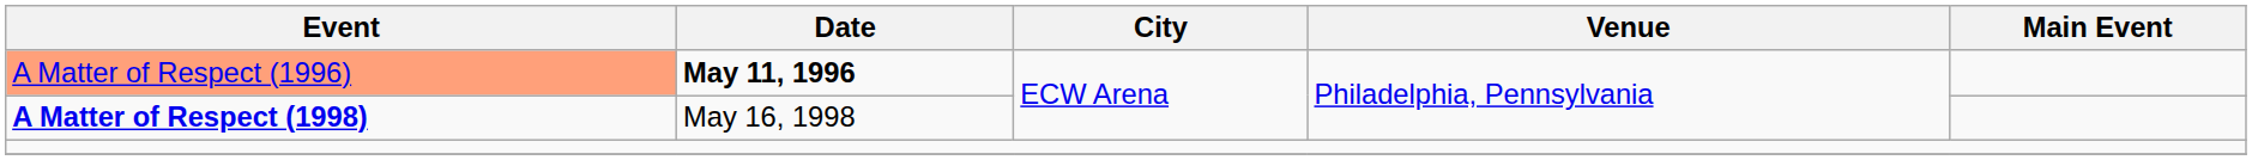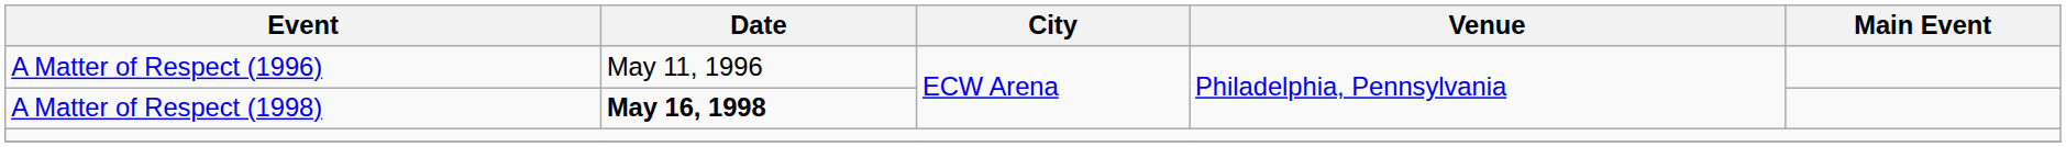 <table class="wikitable sortable" style="align: center" width=100%>
 <tr>
 <th>Event</th>
 <th>Date</th>
 <th>City</th>
 <th>Venue</th>
 <th>Main Event</th>
 </tr>
 <tr>
-<td style="background: lightsalmon;"><a href='#'>A Matter of Respect (1996)</a></td>
-<td><strong>May 11, 1996</strong></td>
+<td><a href='#'>A Matter of Respect (1996)</a></td>
+<td>May 11, 1996</td>
 <td rowspan="2"><a href='#'>ECW Arena</a></td>
 <td rowspan="2"><a href='#'>Philadelphia, Pennsylvania</a></td>
 <td></td>
 </tr>
 <tr>
-<td><strong><a href='#'>A Matter of Respect (1998)</a></strong></td>
-<td>May 16, 1998</td>
+<td><a href='#'>A Matter of Respect (1998)</a></td>
+<td><strong>May 16, 1998</strong></td>
 <td></td>
 </tr>
 <tr>
 <td colspan="10"></td>
 </tr>
 <tr>
 </tr>
 </table>
